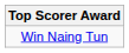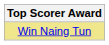 <table class="wikitable" style="text-align:center; margin:auto;">
 <tr>
 <th>Top Scorer Award</th>
 </tr>
 <tr>
-<td> <a href='#'>Win Naing Tun</a></td>
+<td style="background: khaki;"> <a href='#'>Win Naing Tun</a></td>
 </tr>
 </table>
